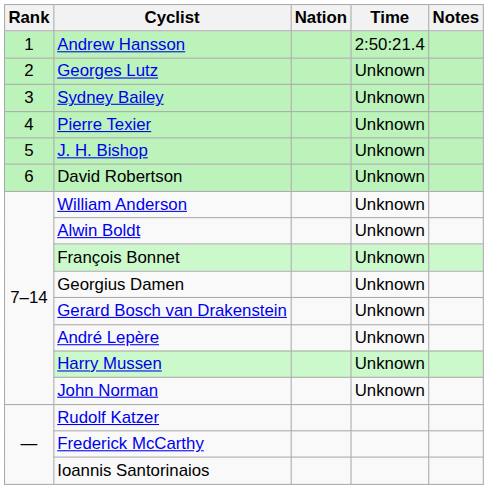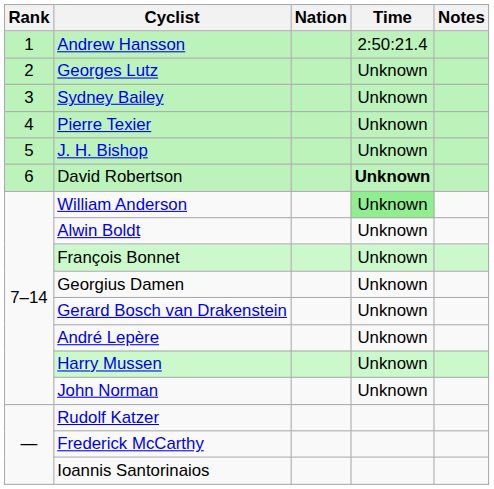 <table class="wikitable sortable">
 <tr>
 <th>Rank</th>
 <th>Cyclist</th>
 <th>Nation</th>
 <th>Time</th>
 <th>Notes</th>
 </tr>
 <tr bgcolor=bbf3bb>
 <td align=center>1</td>
 <td><a href='#'>Andrew Hansson</a></td>
 <td></td>
 <td align=center>2:50:21.4</td>
 <td align=center></td>
 </tr>
 <tr bgcolor=bbf3bb>
 <td align=center>2</td>
 <td><a href='#'>Georges Lutz</a></td>
 <td></td>
 <td align=center>Unknown</td>
 <td align=center></td>
 </tr>
 <tr bgcolor=bbf3bb>
 <td align=center>3</td>
 <td><a href='#'>Sydney Bailey</a></td>
 <td></td>
 <td align=center>Unknown</td>
 <td align=center></td>
 </tr>
 <tr bgcolor=bbf3bb>
 <td align=center>4</td>
 <td><a href='#'>Pierre Texier</a></td>
 <td></td>
 <td align=center>Unknown</td>
 <td align=center></td>
 </tr>
 <tr bgcolor=bbf3bb>
 <td align=center>5</td>
 <td><a href='#'>J. H. Bishop</a></td>
 <td></td>
 <td align=center>Unknown</td>
 <td align=center></td>
 </tr>
 <tr bgcolor=bbf3bb>
 <td align=center>6</td>
 <td>David Robertson</td>
 <td></td>
-<td align=center>Unknown</td>
+<td align=center><strong>Unknown</strong></td>
 <td align=center></td>
 </tr>
 <tr>
 <td align=center rowspan=8>7–14</td>
 <td><a href='#'>William Anderson</a></td>
 <td></td>
-<td align=center>Unknown</td>
+<td align=center style="background: lightgreen;">Unknown</td>
 <td></td>
 </tr>
 <tr>
 <td><a href='#'>Alwin Boldt</a></td>
 <td></td>
 <td align=center>Unknown</td>
 <td></td>
 </tr>
 <tr bgcolor=ccf9cc>
 <td>François Bonnet</td>
 <td></td>
 <td align=center>Unknown</td>
 <td align=center></td>
 </tr>
 <tr>
 <td>Georgius Damen</td>
 <td></td>
 <td align=center>Unknown</td>
 <td></td>
 </tr>
 <tr>
 <td><a href='#'>Gerard Bosch van Drakenstein</a></td>
 <td></td>
 <td align=center>Unknown</td>
 <td></td>
 </tr>
 <tr>
 <td><a href='#'>André Lepère</a></td>
 <td></td>
 <td align=center>Unknown</td>
 <td></td>
 </tr>
 <tr bgcolor=ccf9cc>
 <td><a href='#'>Harry Mussen</a></td>
 <td></td>
 <td align=center>Unknown</td>
 <td align=center></td>
 </tr>
 <tr>
 <td><a href='#'>John Norman</a></td>
 <td></td>
 <td align=center>Unknown</td>
 <td></td>
 </tr>
 <tr>
 <td align=center rowspan=3 data-sort-value=15>—</td>
 <td><a href='#'>Rudolf Katzer</a></td>
 <td></td>
 <td align=center></td>
 <td></td>
 </tr>
 <tr>
 <td><a href='#'>Frederick McCarthy</a></td>
 <td></td>
 <td align=center></td>
 <td></td>
 </tr>
 <tr>
 <td>Ioannis Santorinaios</td>
 <td></td>
 <td align=center></td>
 <td></td>
 </tr>
 </table>
